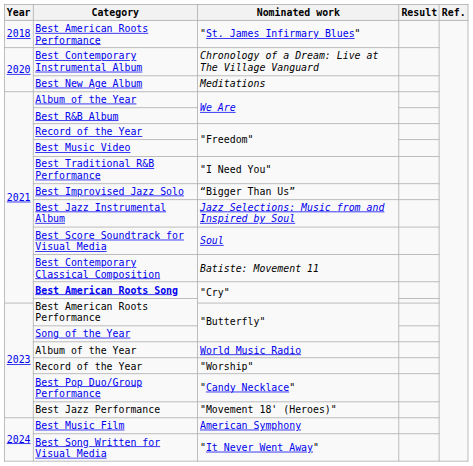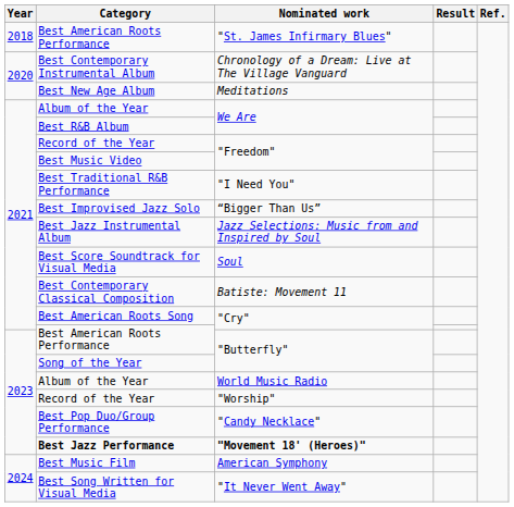 <table class="wikitable">
 <tr>
 <th>Year</th>
 <th>Category</th>
 <th>Nominated work</th>
 <th>Result</th>
 <th>Ref.</th>
 </tr>
 <tr>
 <td><a href='#'>2018</a></td>
 <td><a href='#'>Best American Roots Performance</a></td>
 <td>"<a href='#'>St. James Infirmary Blues</a>"</td>
 <td></td>
 <td rowspan="22" align="center"> <br>  <br> </td>
 </tr>
 <tr>
 <td rowspan="2"><a href='#'>2020</a></td>
 <td><a href='#'>Best Contemporary Instrumental Album</a></td>
 <td><em>Chronology of a Dream: Live at The Village Vanguard</em></td>
 <td></td>
 </tr>
 <tr>
 <td><a href='#'>Best New Age Album</a></td>
 <td><em>Meditations</em></td>
 <td></td>
 </tr>
 <tr>
 <td rowspan="11"><a href='#'>2021</a></td>
 <td><a href='#'>Album of the Year</a></td>
 <td rowspan="2"><em><a href='#'>We Are</a></em></td>
 <td></td>
 </tr>
 <tr>
 <td><a href='#'>Best R&B Album</a></td>
 <td></td>
 </tr>
 <tr>
 <td><a href='#'>Record of the Year</a></td>
 <td rowspan="2">"Freedom"</td>
 <td></td>
 </tr>
 <tr>
 <td><a href='#'>Best Music Video</a></td>
 <td></td>
 </tr>
 <tr>
 <td><a href='#'>Best Traditional R&B Performance</a></td>
 <td>"I Need You"</td>
 <td></td>
 </tr>
 <tr>
 <td><a href='#'>Best Improvised Jazz Solo</a></td>
 <td>“Bigger Than Us”</td>
 <td></td>
 </tr>
 <tr>
 <td><a href='#'>Best Jazz Instrumental Album</a></td>
 <td><em><a href='#'>Jazz Selections: Music from and Inspired by Soul</a></em></td>
 <td></td>
 </tr>
 <tr>
 <td><a href='#'>Best Score Soundtrack for Visual Media</a></td>
 <td><em><a href='#'>Soul</a></em></td>
 <td></td>
 </tr>
 <tr>
 <td><a href='#'>Best Contemporary Classical Composition</a></td>
 <td><em>Batiste: Movement 11<strong></td>
 <td></td>
 </tr>
 <tr>
-<td><strong><a href='#'>Best American Roots Song</a></strong></td>
+<td><a href='#'>Best American Roots Song</a></td>
 <td rowspan="2">"Cry"</td>
 <td></td>
 </tr>
 <tr>
 <td rowspan="2">Best American Roots Performance</td>
 <td></td>
 </tr>
 <tr>
 <td rowspan="6"><a href='#'>2023</a></td>
 <td rowspan="2">"Butterfly"</td>
 <td></td>
 </tr>
 <tr>
 <td><a href='#'>Song of the Year</a></td>
 <td></td>
 </tr>
 <tr>
 <td>Album of the Year</td>
 <td></em><a href='#'>World Music Radio</a><em></td>
 <td></td>
 </tr>
 <tr>
 <td>Record of the Year</td>
 <td>"Worship"</td>
 <td></td>
 </tr>
 <tr>
 <td><a href='#'>Best Pop Duo/Group Performance</a></td>
 <td>"<a href='#'>Candy Necklace</a>" </td>
 <td></td>
 </tr>
 <tr>
-<td>Best Jazz Performance</td>
-<td>"Movement 18' (Heroes)"</td>
+<td><strong>Best Jazz Performance</strong></td>
+<td><strong>"Movement 18' (Heroes)"</strong></td>
 <td></td>
 </tr>
 <tr>
 <td rowspan="2"><a href='#'>2024</a></td>
 <td><a href='#'>Best Music Film</a></td>
 <td></em><a href='#'>American Symphony</a><em></td>
 <td></td>
 </tr>
 <tr>
 <td><a href='#'>Best Song Written for Visual Media</a></td>
 <td>"<a href='#'>It Never Went Away</a>" </td>
 <td></td>
 </tr>
 </table>
